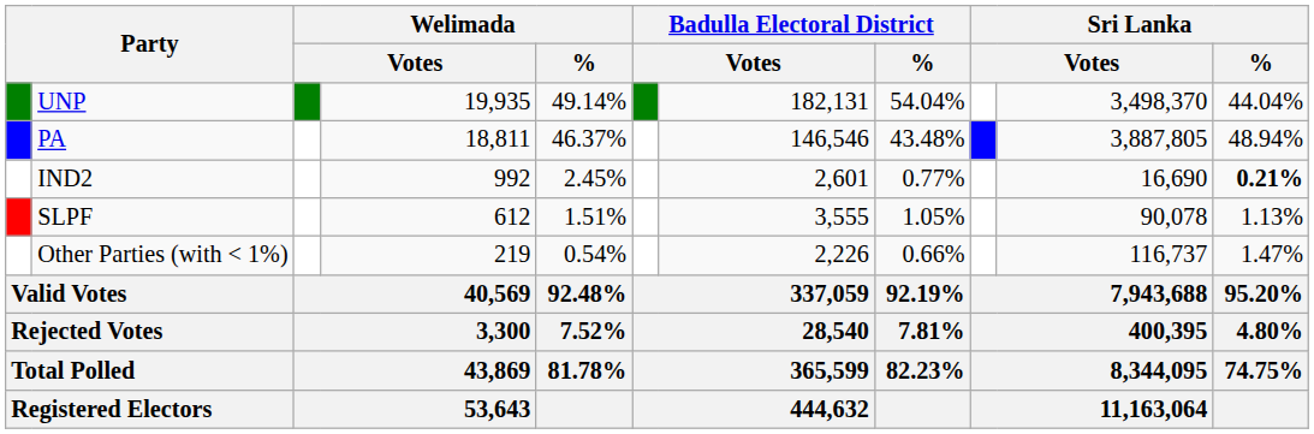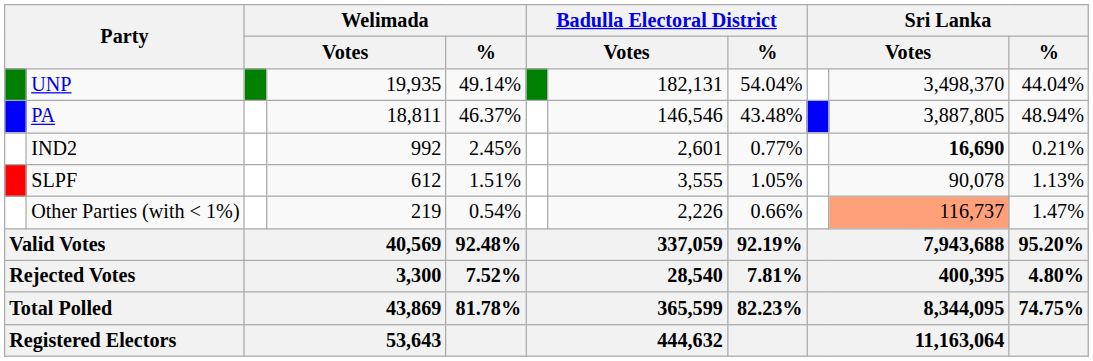 <table class="wikitable">
 <tr>
 <th colspan="2" width="144px"rowspan="2">Party</th>
 <th colspan="3" width="216px">Welimada</th>
 <th colspan="3" width="216px"><a href='#'>Badulla Electoral District</a></th>
 <th colspan="3" width="216px">Sri Lanka</th>
 </tr>
 <tr>
 <th colspan="2" width="144px">Votes</th>
 <th>%</th>
 <th colspan="2" width="144px">Votes</th>
 <th>%</th>
 <th colspan="2" width="144px">Votes</th>
 <th>%</th>
 </tr>
 <tr>
 <td style="background-color:green;" width="10px"></td>
 <td style="text-align:left;"><a href='#'>UNP</a></td>
 <td style="background-color:green;" width="10px"></td>
 <td style="text-align:right;">19,935</td>
 <td style="text-align:right;">49.14%</td>
 <td style="background-color:green;" width="10px"></td>
 <td style="text-align:right;">182,131</td>
 <td style="text-align:right;">54.04%</td>
 <td style="background-color:white;" width="10px"></td>
 <td style="text-align:right;">3,498,370</td>
 <td style="text-align:right;">44.04%</td>
 </tr>
 <tr>
 <td style="background-color:blue;" width="10px"></td>
 <td style="text-align:left;"><a href='#'>PA</a></td>
 <td style="background-color:white;" width="10px"></td>
 <td style="text-align:right;">18,811</td>
 <td style="text-align:right;">46.37%</td>
 <td style="background-color:white;" width="10px"></td>
 <td style="text-align:right;">146,546</td>
 <td style="text-align:right;">43.48%</td>
 <td style="background-color:blue;" width="10px"></td>
 <td style="text-align:right;">3,887,805</td>
 <td style="text-align:right;">48.94%</td>
 </tr>
 <tr>
 <td style="background-color:white;" width="10px"></td>
 <td style="text-align:left;">IND2</td>
 <td style="background-color:white;" width="10px"></td>
 <td style="text-align:right;">992</td>
 <td style="text-align:right;">2.45%</td>
 <td style="background-color:white;" width="10px"></td>
 <td style="text-align:right;">2,601</td>
 <td style="text-align:right;">0.77%</td>
 <td style="background-color:white;" width="10px"></td>
-<td style="text-align:right;">16,690</td>
-<td style="text-align:right;"><strong>0.21%</strong></td>
+<td style="text-align:right;"><strong>16,690</strong></td>
+<td style="text-align:right;">0.21%</td>
 </tr>
 <tr>
 <td style="background-color:red;" width="10px"></td>
 <td style="text-align:left;">SLPF</td>
 <td style="background-color:white;" width="10px"></td>
 <td style="text-align:right;">612</td>
 <td style="text-align:right;">1.51%</td>
 <td style="background-color:white;" width="10px"></td>
 <td style="text-align:right;">3,555</td>
 <td style="text-align:right;">1.05%</td>
 <td style="background-color:white;" width="10px"></td>
 <td style="text-align:right;">90,078</td>
 <td style="text-align:right;">1.13%</td>
 </tr>
 <tr>
 <td style="background-color:white;" width="10px"></td>
 <td style="text-align:left;">Other Parties (with < 1%)</td>
 <td style="background-color:white;" width="10px"></td>
 <td style="text-align:right;">219</td>
 <td style="text-align:right;">0.54%</td>
 <td style="background-color:white;" width="10px"></td>
 <td style="text-align:right;">2,226</td>
 <td style="text-align:right;">0.66%</td>
 <td style="background-color:white;" width="10px"></td>
-<td style="text-align:right;">116,737</td>
+<td style="background: lightsalmon; text-align:right;">116,737</td>
 <td style="text-align:right;">1.47%</td>
 </tr>
 <tr>
 <th colspan="2" width="144px"style="text-align:left;">Valid Votes</th>
 <th style="text-align:right;"colspan="2" width="144px">40,569</th>
 <th style="text-align:right;">92.48%</th>
 <th style="text-align:right;"colspan="2" width="144px">337,059</th>
 <th style="text-align:right;">92.19%</th>
 <th style="text-align:right;"colspan="2" width="144px">7,943,688</th>
 <th style="text-align:right;">95.20%</th>
 </tr>
 <tr>
 <th colspan="2" width="144px"style="text-align:left;">Rejected Votes</th>
 <th style="text-align:right;"colspan="2" width="144px">3,300</th>
 <th style="text-align:right;">7.52%</th>
 <th style="text-align:right;"colspan="2" width="144px">28,540</th>
 <th style="text-align:right;">7.81%</th>
 <th style="text-align:right;"colspan="2" width="144px">400,395</th>
 <th style="text-align:right;">4.80%</th>
 </tr>
 <tr>
 <th colspan="2" width="144px"style="text-align:left;">Total Polled</th>
 <th style="text-align:right;"colspan="2" width="144px">43,869</th>
 <th style="text-align:right;">81.78%</th>
 <th style="text-align:right;"colspan="2" width="144px">365,599</th>
 <th style="text-align:right;">82.23%</th>
 <th style="text-align:right;"colspan="2" width="144px">8,344,095</th>
 <th style="text-align:right;">74.75%</th>
 </tr>
 <tr>
 <th colspan="2" width="144px"style="text-align:left;">Registered Electors</th>
 <th style="text-align:right;"colspan="2" width="144px">53,643</th>
 <th></th>
 <th style="text-align:right;"colspan="2" width="144px">444,632</th>
 <th></th>
 <th style="text-align:right;"colspan="2" width="144px">11,163,064</th>
 <th></th>
 </tr>
 </table>
